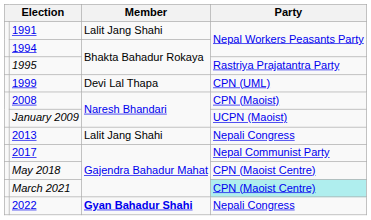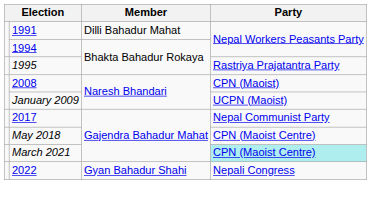 <table class="wikitable">
 <tr>
 <th colspan="2">Election</th>
 <th>Member</th>
 <th>Party</th>
 </tr>
 <tr>
 <td rowspan="2" style="color:inherit;background:"></td>
 <td><a href='#'>1991</a></td>
-<td>Lalit Jang Shahi</td>
+<td>Dilli Bahadur Mahat</td>
 <td rowspan="2"><a href='#'>Nepal Workers Peasants Party</a></td>
 </tr>
 <tr>
 <td><a href='#'>1994</a></td>
 <td rowspan="2">Bhakta Bahadur Rokaya</td>
 </tr>
 <tr>
 <td style="color:inherit;background:"></td>
 <td><em>1995</em></td>
 <td><a href='#'>Rastriya Prajatantra Party</a></td>
 </tr>
 <tr>
-<td style="color:inherit;background:"></td>
-<td><a href='#'>1999</a></td>
-<td>Devi Lal Thapa</td>
-<td><a href='#'>CPN (UML)</a></td>
-</tr>
-<tr>
 <td rowspan="2" style="color:inherit;background:"></td>
 <td><a href='#'>2008</a></td>
 <td rowspan="2"><a href='#'>Naresh Bhandari</a></td>
 <td><a href='#'>CPN (Maoist)</a></td>
 </tr>
 <tr>
 <td><em>January 2009</em></td>
 <td><a href='#'>UCPN (Maoist)</a></td>
-</tr>
-<tr>
-<td style="color:inherit;background:"></td>
-<td><a href='#'>2013</a></td>
-<td>Lalit Jang Shahi</td>
-<td><a href='#'>Nepali Congress</a></td>
 </tr>
 <tr>
 <td style="color:inherit;background:"></td>
 <td><a href='#'>2017</a></td>
 <td rowspan="3"><a href='#'>Gajendra Bahadur Mahat</a></td>
 <td><a href='#'>Nepal Communist Party</a></td>
 </tr>
 <tr>
 <td style="color:inherit;background:"></td>
 <td><em>May 2018</em></td>
 <td><a href='#'>CPN (Maoist Centre)</a></td>
 </tr>
 <tr>
 <td style="color:inherit;background:"></td>
 <td><em>March 2021</em></td>
 <td style="background: paleturquoise;"><a href='#'>CPN (Maoist Centre)</a></td>
 </tr>
 <tr>
 <td style="color:inherit;background:"></td>
 <td><a href='#'>2022</a></td>
-<td><strong><a href='#'>Gyan Bahadur Shahi</a></strong></td>
+<td><a href='#'>Gyan Bahadur Shahi</a></td>
 <td><a href='#'>Nepali Congress</a></td>
 </tr>
 </table>
